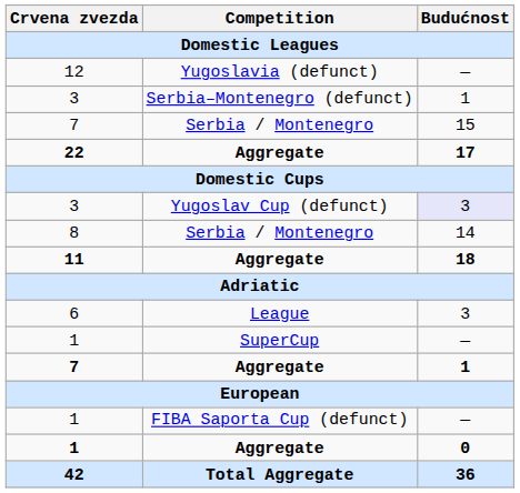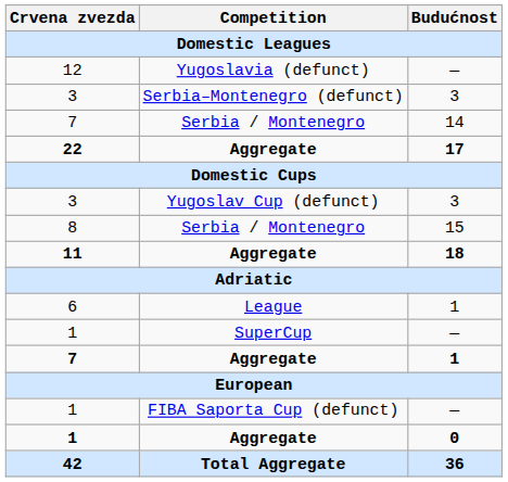 <table class="wikitable"  style="width:auto; margin:auto;">
 <tr>
 <th>Crvena zvezda</th>
 <th>Competition</th>
 <th>Budućnost</th>
 </tr>
 <tr style="text-align:center;" bgcolor=#D0E7FF>
 <td colspan="4"><strong>Domestic Leagues</strong></td>
 </tr>
 <tr style="text-align:center;">
 <td>12</td>
 <td><a href='#'>Yugoslavia</a> (defunct)</td>
 <td>—</td>
 </tr>
 <tr style="text-align:center;">
 <td>3</td>
 <td><a href='#'>Serbia–Montenegro</a> (defunct)</td>
-<td>1</td>
+<td>3</td>
 </tr>
 <tr style="text-align:center;">
 <td>7</td>
 <td><a href='#'>Serbia</a> / <a href='#'>Montenegro</a></td>
-<td>15</td>
+<td>14</td>
 </tr>
 <tr align="center">
 <td><strong>22</strong></td>
 <td><strong>Aggregate</strong></td>
 <td><strong>17</strong></td>
 </tr>
 <tr style="text-align:center;" bgcolor=#D0E7FF>
 <td colspan="4"><strong>Domestic Cups</strong></td>
 </tr>
 <tr style="text-align:center;">
 <td>3</td>
 <td><a href='#'>Yugoslav Cup</a> (defunct)</td>
-<td style="background: lavender;">3</td>
+<td>3</td>
 </tr>
 <tr style="text-align:center;">
 <td>8</td>
 <td><a href='#'>Serbia</a> / <a href='#'>Montenegro</a></td>
-<td>14</td>
+<td>15</td>
 </tr>
 <tr align="center">
 <td><strong>11</strong></td>
 <td><strong>Aggregate</strong></td>
 <td><strong>18</strong></td>
 </tr>
 <tr align="center" bgcolor=#D0E7FF>
 <td colspan="4"><strong>Adriatic</strong></td>
 </tr>
 <tr style="text-align:center;">
 <td>6</td>
 <td><a href='#'>League</a></td>
-<td>3</td>
+<td>1</td>
 </tr>
 <tr style="text-align:center;">
 <td>1</td>
 <td><a href='#'>SuperCup</a></td>
 <td>—</td>
 </tr>
 <tr align="center">
 <td><strong>7</strong></td>
 <td><strong>Aggregate</strong></td>
 <td><strong>1</strong></td>
 </tr>
 <tr style="text-align:center;"  bgcolor=#D0E7FF>
 <td colspan="4"><strong>European</strong></td>
 </tr>
 <tr style="text-align:center;">
 <td>1</td>
 <td><a href='#'>FIBA Saporta Cup</a> (defunct)</td>
 <td>—</td>
 </tr>
 <tr align="center">
 <td><strong>1</strong></td>
 <td><strong>Aggregate</strong></td>
 <td><strong>0</strong></td>
 </tr>
 <tr align="center" bgcolor=#D0E7FF>
 <td><strong>42</strong></td>
 <td><strong>Total Aggregate</strong></td>
 <td><strong>36</strong></td>
 </tr>
 </table>
